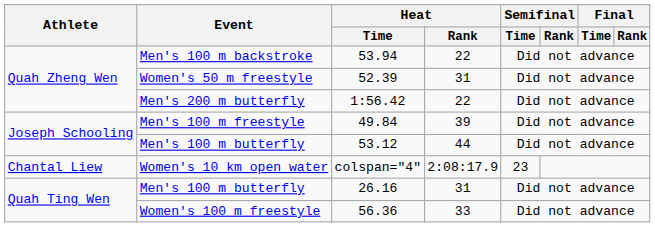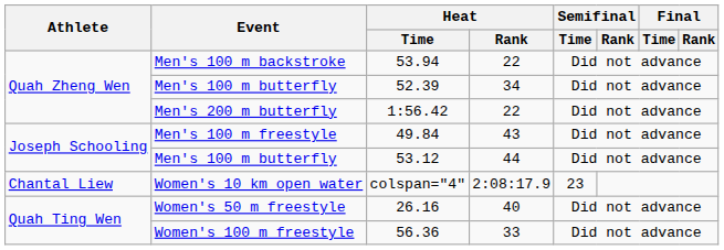 <table class=wikitable style="font-size:90%; text-align:center">
 <tr>
 <th rowspan="2">Athlete</th>
 <th rowspan="2">Event</th>
 <th colspan="2">Heat</th>
 <th colspan="2">Semifinal</th>
 <th colspan="2">Final</th>
 </tr>
 <tr style="font-size:95%">
 <th>Time</th>
 <th>Rank</th>
 <th>Time</th>
 <th>Rank</th>
 <th>Time</th>
 <th>Rank</th>
 </tr>
 <tr>
 <td rowspan="3" style="text-align:left"><a href='#'>Quah Zheng Wen</a></td>
 <td style="text-align:left"><a href='#'>Men's 100 m backstroke</a></td>
 <td>53.94</td>
 <td>22</td>
 <td colspan="4">Did not advance</td>
 </tr>
 <tr>
-<td style="text-align:left"><a href='#'>Women's 50 m freestyle</a></td>
+<td style="text-align:left"><a href='#'>Men's 100 m butterfly</a></td>
 <td>52.39</td>
-<td>31</td>
+<td>34</td>
 <td colspan="4">Did not advance</td>
 </tr>
 <tr>
 <td style="text-align:left"><a href='#'>Men's 200 m butterfly</a></td>
 <td>1:56.42</td>
 <td>22</td>
 <td colspan="4">Did not advance</td>
 </tr>
 <tr>
 <td rowspan="2" style="text-align:left"><a href='#'>Joseph Schooling</a></td>
 <td style="text-align:left"><a href='#'>Men's 100 m freestyle</a></td>
 <td>49.84</td>
-<td>39</td>
+<td>43</td>
 <td colspan="4">Did not advance</td>
 </tr>
 <tr>
 <td style="text-align:left"><a href='#'>Men's 100 m butterfly</a></td>
 <td>53.12</td>
 <td>44</td>
 <td colspan="4">Did not advance</td>
 </tr>
 <tr>
 <td style="text-align:left"><a href='#'>Chantal Liew</a></td>
 <td style="text-align:left"><a href='#'>Women's 10 km open water</a></td>
 <td>colspan="4" </td>
 <td>2:08:17.9</td>
 <td>23</td>
 </tr>
 <tr>
 <td rowspan="2" style="text-align:left"><a href='#'>Quah Ting Wen</a></td>
-<td style="text-align:left"><a href='#'>Men's 100 m butterfly</a></td>
+<td style="text-align:left"><a href='#'>Women's 50 m freestyle</a></td>
 <td>26.16</td>
-<td>31</td>
+<td>40</td>
 <td colspan="4">Did not advance</td>
 </tr>
 <tr>
 <td style="text-align:left"><a href='#'>Women's 100 m freestyle</a></td>
 <td>56.36</td>
 <td>33</td>
 <td colspan="4">Did not advance</td>
 </tr>
 </table>
